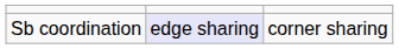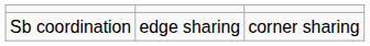 <table class="wikitable" style="margin:1em auto; text-align:center;">
 <tr>
 <td></td>
 <td></td>
 <td></td>
 </tr>
 <tr>
 <td>Sb coordination</td>
-<td style="background: lavender;">edge sharing</td>
+<td>edge sharing</td>
 <td>corner sharing</td>
 </tr>
 </table>
